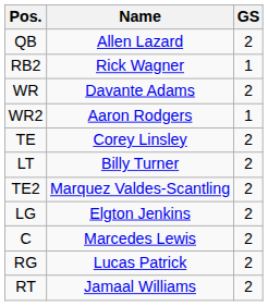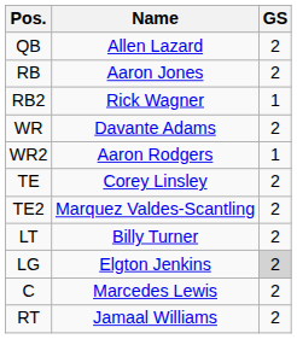 <table class="wikitable" style="text-align:center">
 <tr>
 <th>Pos.</th>
 <th>Name</th>
 <th>GS</th>
 </tr>
 <tr>
 <td>QB</td>
 <td><a href='#'>Allen Lazard</a></td>
+<td>2</td>
+</tr>
+<tr>
+<td>RB</td>
+<td><a href='#'>Aaron Jones</a></td>
 <td>2</td>
 </tr>
 <tr>
 <td>RB2</td>
 <td><a href='#'>Rick Wagner</a></td>
 <td>1</td>
 </tr>
 <tr>
 <td>WR</td>
 <td><a href='#'>Davante Adams</a></td>
 <td>2</td>
 </tr>
 <tr>
 <td>WR2</td>
 <td><a href='#'>Aaron Rodgers</a></td>
 <td>1</td>
 </tr>
 <tr>
 <td>TE</td>
 <td><a href='#'>Corey Linsley</a></td>
 <td>2</td>
 </tr>
 <tr>
+<td>TE2</td>
+<td><a href='#'>Marquez Valdes-Scantling</a></td>
+<td>2</td>
+</tr>
+<tr>
 <td>LT</td>
 <td><a href='#'>Billy Turner</a></td>
 <td>2</td>
 </tr>
 <tr>
-<td>TE2</td>
-<td><a href='#'>Marquez Valdes-Scantling</a></td>
-<td>2</td>
-</tr>
-<tr>
 <td>LG</td>
 <td><a href='#'>Elgton Jenkins</a></td>
-<td>2</td>
+<td style="background: lightgrey;">2</td>
 </tr>
 <tr>
 <td>C</td>
 <td><a href='#'>Marcedes Lewis</a></td>
-<td>2</td>
-</tr>
-<tr>
-<td>RG</td>
-<td><a href='#'>Lucas Patrick</a></td>
 <td>2</td>
 </tr>
 <tr>
 <td>RT</td>
 <td><a href='#'>Jamaal Williams</a></td>
 <td>2</td>
 </tr>
 </table>
